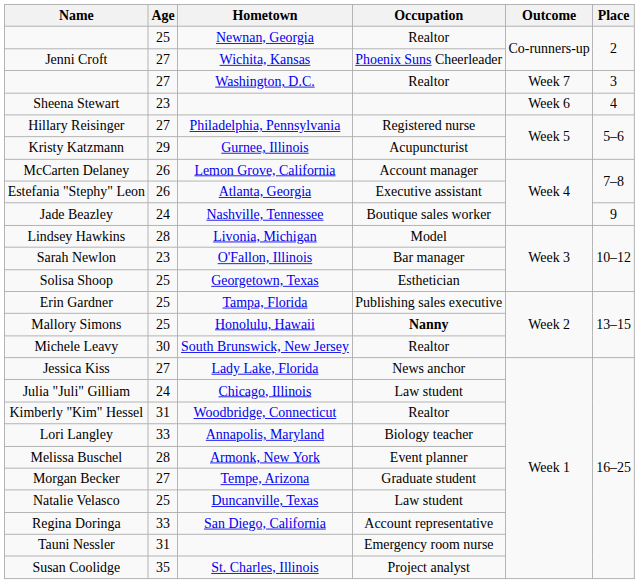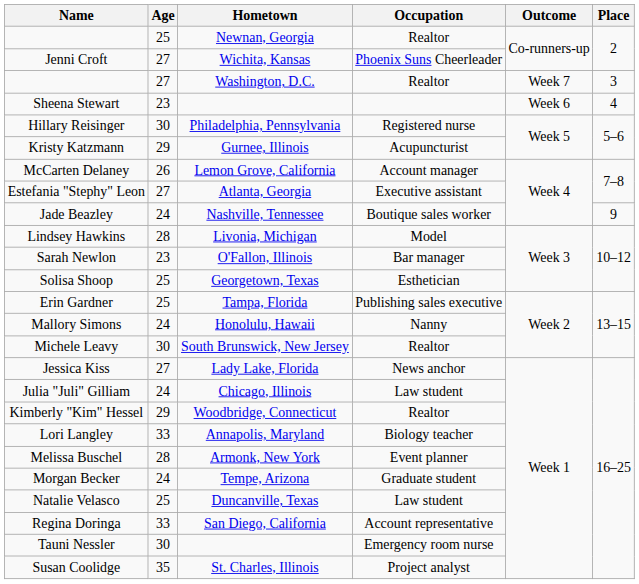 <table class="wikitable sortable" style="text-align:center;">
 <tr>
 <th>Name</th>
 <th>Age</th>
 <th>Hometown</th>
 <th>Occupation</th>
 <th>Outcome</th>
 <th>Place</th>
 </tr>
 <tr>
 <td></td>
 <td>25</td>
 <td><a href='#'>Newnan, Georgia</a></td>
 <td>Realtor</td>
 <td rowspan="2">Co-runners-up</td>
 <td rowspan="2">2</td>
 </tr>
 <tr>
 <td>Jenni Croft</td>
 <td>27</td>
 <td><a href='#'>Wichita, Kansas</a></td>
 <td><a href='#'>Phoenix Suns</a> Cheerleader</td>
 </tr>
 <tr>
 <td></td>
 <td>27</td>
 <td><a href='#'>Washington, D.C.</a></td>
 <td>Realtor</td>
 <td>Week 7</td>
 <td>3</td>
 </tr>
 <tr>
 <td>Sheena Stewart</td>
 <td>23</td>
 <td></td>
 <td></td>
 <td>Week 6</td>
 <td>4</td>
 </tr>
 <tr>
 <td>Hillary Reisinger</td>
-<td>27</td>
+<td>30</td>
 <td><a href='#'>Philadelphia, Pennsylvania</a></td>
 <td>Registered nurse</td>
 <td rowspan="2">Week 5</td>
 <td rowspan="2">5–6</td>
 </tr>
 <tr>
 <td>Kristy Katzmann</td>
 <td>29</td>
 <td><a href='#'>Gurnee, Illinois</a></td>
 <td>Acupuncturist</td>
 </tr>
 <tr>
 <td>McCarten Delaney</td>
 <td>26</td>
 <td><a href='#'>Lemon Grove, California</a></td>
 <td>Account manager</td>
 <td rowspan="3">Week 4</td>
 <td rowspan="2">7–8</td>
 </tr>
 <tr>
 <td>Estefania "Stephy" Leon</td>
-<td>26</td>
+<td>27</td>
 <td><a href='#'>Atlanta, Georgia</a></td>
 <td>Executive assistant</td>
 </tr>
 <tr>
 <td>Jade Beazley</td>
 <td>24</td>
 <td><a href='#'>Nashville, Tennessee</a></td>
 <td>Boutique sales worker</td>
 <td>9</td>
 </tr>
 <tr>
 <td>Lindsey Hawkins</td>
 <td>28</td>
 <td><a href='#'>Livonia, Michigan</a></td>
 <td>Model</td>
 <td rowspan="3">Week 3</td>
 <td rowspan="3">10–12</td>
 </tr>
 <tr>
 <td>Sarah Newlon</td>
 <td>23</td>
 <td><a href='#'>O'Fallon, Illinois</a></td>
 <td>Bar manager</td>
 </tr>
 <tr>
 <td>Solisa Shoop</td>
 <td>25</td>
 <td><a href='#'>Georgetown, Texas</a></td>
 <td>Esthetician</td>
 </tr>
 <tr>
 <td>Erin Gardner</td>
 <td>25</td>
 <td><a href='#'>Tampa, Florida</a></td>
 <td>Publishing sales executive</td>
 <td rowspan="3">Week 2</td>
 <td rowspan="3">13–15</td>
 </tr>
 <tr>
 <td>Mallory Simons</td>
-<td>25</td>
+<td>24</td>
 <td><a href='#'>Honolulu, Hawaii</a></td>
-<td><strong>Nanny</strong></td>
+<td>Nanny</td>
 </tr>
 <tr>
 <td>Michele Leavy</td>
 <td>30</td>
 <td><a href='#'>South Brunswick, New Jersey</a></td>
 <td>Realtor</td>
 </tr>
 <tr>
 <td>Jessica Kiss</td>
 <td>27</td>
 <td><a href='#'>Lady Lake, Florida</a></td>
 <td>News anchor</td>
 <td rowspan="10">Week 1</td>
 <td rowspan="10">16–25</td>
 </tr>
 <tr>
 <td>Julia "Juli" Gilliam</td>
 <td>24</td>
 <td><a href='#'>Chicago, Illinois</a></td>
 <td>Law student</td>
 </tr>
 <tr>
 <td>Kimberly "Kim" Hessel</td>
-<td>31</td>
+<td>29</td>
 <td><a href='#'>Woodbridge, Connecticut</a></td>
 <td>Realtor</td>
 </tr>
 <tr>
 <td>Lori Langley</td>
 <td>33</td>
 <td><a href='#'>Annapolis, Maryland</a></td>
 <td>Biology teacher</td>
 </tr>
 <tr>
 <td>Melissa Buschel</td>
 <td>28</td>
 <td><a href='#'>Armonk, New York</a></td>
 <td>Event planner</td>
 </tr>
 <tr>
 <td>Morgan Becker</td>
-<td>27</td>
+<td>24</td>
 <td><a href='#'>Tempe, Arizona</a></td>
 <td>Graduate student</td>
 </tr>
 <tr>
 <td>Natalie Velasco</td>
 <td>25</td>
 <td><a href='#'>Duncanville, Texas</a></td>
 <td>Law student</td>
 </tr>
 <tr>
 <td>Regina Doringa</td>
 <td>33</td>
 <td><a href='#'>San Diego, California</a></td>
 <td>Account representative</td>
 </tr>
 <tr>
 <td>Tauni Nessler </td>
-<td>31</td>
+<td>30</td>
 <td></td>
 <td>Emergency room nurse</td>
 </tr>
 <tr>
 <td>Susan Coolidge</td>
 <td>35</td>
 <td><a href='#'>St. Charles, Illinois</a></td>
 <td>Project analyst</td>
 </tr>
 </table>
